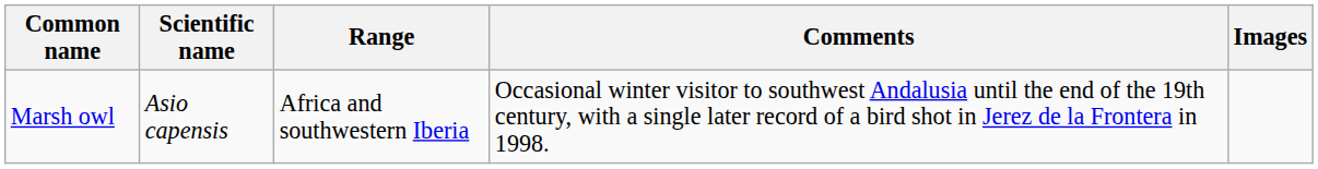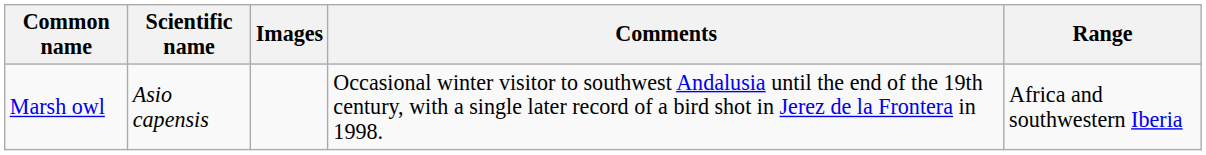 <table class="wikitable">
 <tr>
 <th>Common name</th>
 <th>Scientific name</th>
+<th>Images</th>
+<th class="unsortable">Comments</th>
 <th>Range</th>
-<th class="unsortable">Comments</th>
-<th>Images</th>
 </tr>
 <tr>
 <td><a href='#'>Marsh owl</a></td>
 <td><em>Asio capensis</em></td>
+<td></td>
+<td>Occasional winter visitor to southwest <a href='#'>Andalusia</a> until the end of the 19th century, with a single later record of a bird shot in <a href='#'>Jerez de la Frontera</a> in 1998.</td>
 <td>Africa and southwestern <a href='#'>Iberia</a></td>
-<td>Occasional winter visitor to southwest <a href='#'>Andalusia</a> until the end of the 19th century, with a single later record of a bird shot in <a href='#'>Jerez de la Frontera</a> in 1998.</td>
-<td></td>
 </tr>
 </table>
